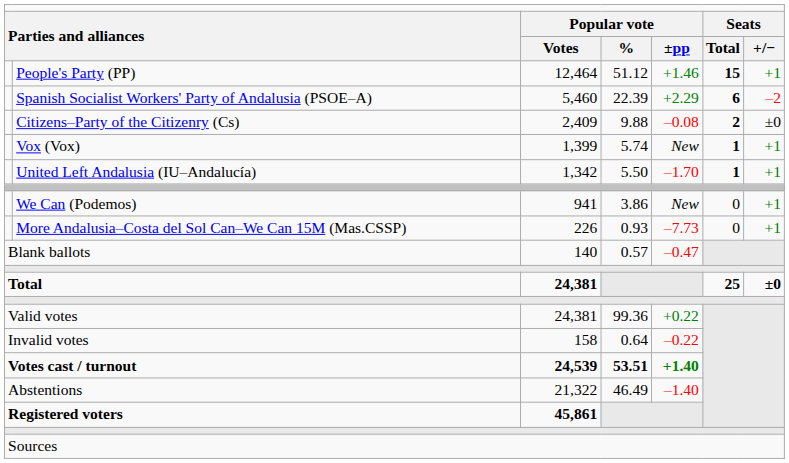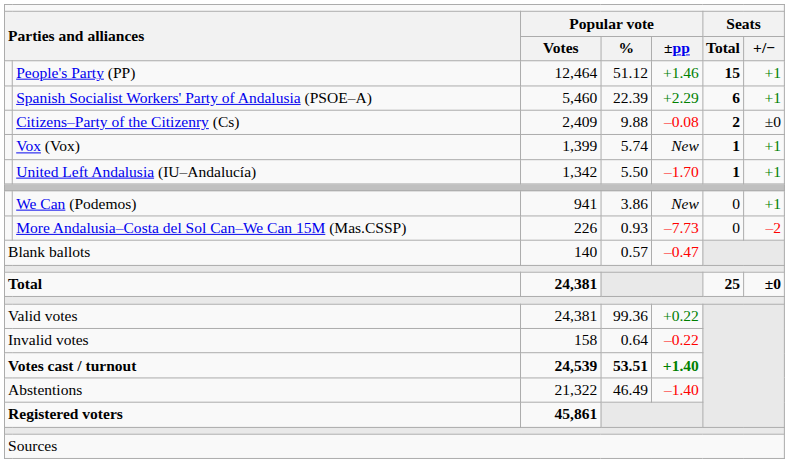 <table class="wikitable" style="text-align:right;">
 <tr>
 <td colspan="7"></td>
 </tr>
 <tr>
 <th style="text-align:left;" rowspan="2" colspan="2" width="525">Parties and alliances</th>
 <th colspan="3">Popular vote</th>
 <th colspan="2">Seats</th>
 </tr>
 <tr>
 <th width="75">Votes</th>
 <th width="45">%</th>
 <th width="45">±<a href='#'>pp</a></th>
 <th width="35">Total</th>
 <th width="35">+/−</th>
 </tr>
 <tr>
 <td width="1" style="color:inherit;background:"></td>
 <td align="left"><a href='#'>People's Party</a> (PP)</td>
 <td>12,464</td>
 <td>51.12</td>
 <td style="color:green;">+1.46</td>
 <td><strong>15</strong></td>
 <td style="color:green;">+1</td>
 </tr>
 <tr>
 <td style="color:inherit;background:"></td>
 <td align="left"><a href='#'>Spanish Socialist Workers' Party of Andalusia</a> (PSOE–A)</td>
 <td>5,460</td>
 <td>22.39</td>
 <td style="color:green;">+2.29</td>
 <td><strong>6</strong></td>
-<td style="color:red;">–2</td>
+<td style="color:green;">+1</td>
 </tr>
 <tr>
 <td style="color:inherit;background:"></td>
 <td align="left"><a href='#'>Citizens–Party of the Citizenry</a> (Cs)</td>
 <td>2,409</td>
 <td>9.88</td>
 <td style="color:red;">–0.08</td>
 <td><strong>2</strong></td>
 <td>±0</td>
 </tr>
 <tr>
 <td style="color:inherit;background:"></td>
 <td align="left"><a href='#'>Vox</a> (Vox)</td>
 <td>1,399</td>
 <td>5.74</td>
 <td><em>New</em></td>
 <td><strong>1</strong></td>
 <td style="color:green;">+1</td>
 </tr>
 <tr>
 <td style="color:inherit;background:"></td>
 <td align="left"><a href='#'>United Left Andalusia</a> (IU–Andalucía)</td>
 <td>1,342</td>
 <td>5.50</td>
 <td style="color:red;">–1.70</td>
 <td><strong>1</strong></td>
 <td style="color:green;">+1</td>
 </tr>
 <tr>
 <td colspan="7" bgcolor="#C0C0C0"></td>
 </tr>
 <tr>
 <td style="color:inherit;background:"></td>
 <td align="left"><a href='#'>We Can</a> (Podemos)</td>
 <td>941</td>
 <td>3.86</td>
 <td><em>New</em></td>
 <td>0</td>
 <td style="color:green;">+1</td>
 </tr>
 <tr>
 <td style="color:inherit;background:"></td>
 <td align="left"><a href='#'>More Andalusia–Costa del Sol Can–We Can 15M</a> (Mas.CSSP)</td>
 <td>226</td>
 <td>0.93</td>
 <td style="color:red;">–7.73</td>
 <td>0</td>
-<td style="color:green;">+1</td>
+<td style="color:red;">–2</td>
 </tr>
 <tr>
 <td align="left" colspan="2">Blank ballots</td>
 <td>140</td>
 <td>0.57</td>
 <td style="color:red;">–0.47</td>
 <td bgcolor="#E9E9E9" colspan="2"></td>
 </tr>
 <tr>
 <td colspan="7" bgcolor="#E9E9E9"></td>
 </tr>
 <tr style="font-weight:bold;">
 <td align="left" colspan="2">Total</td>
 <td>24,381</td>
 <td bgcolor="#E9E9E9" colspan="2"></td>
 <td>25</td>
 <td>±0</td>
 </tr>
 <tr>
 <td colspan="7" bgcolor="#E9E9E9"></td>
 </tr>
 <tr>
 <td align="left" colspan="2">Valid votes</td>
 <td>24,381</td>
 <td>99.36</td>
 <td style="color:green;">+0.22</td>
 <td bgcolor="#E9E9E9" colspan="2" rowspan="5"></td>
 </tr>
 <tr>
 <td align="left" colspan="2">Invalid votes</td>
 <td>158</td>
 <td>0.64</td>
 <td style="color:red;">–0.22</td>
 </tr>
 <tr style="font-weight:bold;">
 <td align="left" colspan="2">Votes cast / turnout</td>
 <td>24,539</td>
 <td>53.51</td>
 <td style="color:green;">+1.40</td>
 </tr>
 <tr>
 <td align="left" colspan="2">Abstentions</td>
 <td>21,322</td>
 <td>46.49</td>
 <td style="color:red;">–1.40</td>
 </tr>
 <tr style="font-weight:bold;">
 <td align="left" colspan="2">Registered voters</td>
 <td>45,861</td>
 <td bgcolor="#E9E9E9" colspan="2"></td>
 </tr>
 <tr>
 <td colspan="7" bgcolor="#E9E9E9"></td>
 </tr>
 <tr>
 <td align="left" colspan="7">Sources</td>
 </tr>
 </table>
